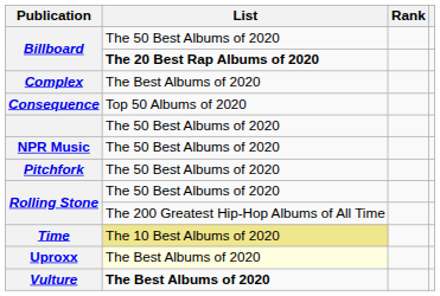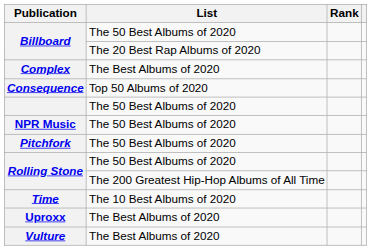 <table class="wikitable sortable plainrowheaders" style="border:none; margin:0;">
 <tr>
 <th scope="col">Publication</th>
 <th scope="col" class="unsortable">List</th>
 <th scope="col" data-sort-type="number">Rank</th>
 <th scope="col" class="unsortable"></th>
 </tr>
 <tr>
 <th scope="row" rowspan="2"><em><a href='#'>Billboard</a></em></th>
 <td>The 50 Best Albums of 2020</td>
 <td></td>
 <td></td>
 </tr>
 <tr>
-<td><strong>The 20 Best Rap Albums of 2020</strong></td>
+<td>The 20 Best Rap Albums of 2020</td>
 <td></td>
 <td></td>
 </tr>
 <tr>
 <th scope="row"><em><a href='#'>Complex</a></em></th>
 <td>The Best Albums of 2020</td>
 <td></td>
 <td></td>
 </tr>
 <tr>
 <th scope="row"><em><a href='#'>Consequence</a></em></th>
 <td>Top 50 Albums of 2020</td>
 <td></td>
 <td></td>
 </tr>
 <tr>
 <th scope="row"></th>
 <td>The 50 Best Albums of 2020</td>
 <td></td>
 <td></td>
 </tr>
 <tr>
 <th scope="row"><a href='#'>NPR Music</a></th>
 <td>The 50 Best Albums of 2020</td>
 <td></td>
 <td></td>
 </tr>
 <tr>
 <th scope="row"><em><a href='#'>Pitchfork</a></em></th>
 <td>The 50 Best Albums of 2020</td>
 <td></td>
 <td></td>
 </tr>
 <tr>
 <th scope="row" rowspan="2"><em><a href='#'>Rolling Stone</a></em></th>
 <td>The 50 Best Albums of 2020</td>
 <td></td>
 <td></td>
 </tr>
 <tr>
 <td>The 200 Greatest Hip-Hop Albums of All Time</td>
 <td></td>
 <td></td>
 </tr>
 <tr>
 <th scope="row"><em><a href='#'>Time</a></em></th>
-<td style="background: khaki;">The 10 Best Albums of 2020</td>
+<td>The 10 Best Albums of 2020</td>
 <td></td>
 <td></td>
 </tr>
 <tr>
 <th scope="row"><a href='#'>Uproxx</a></th>
-<td style="background: lightyellow;">The Best Albums of 2020</td>
+<td>The Best Albums of 2020</td>
 <td></td>
 <td></td>
 </tr>
 <tr>
 <th scope="row"><em><a href='#'>Vulture</a></em></th>
-<td><strong>The Best Albums of 2020</strong></td>
+<td>The Best Albums of 2020</td>
 <td></td>
 <td></td>
 </tr>
 </table>
